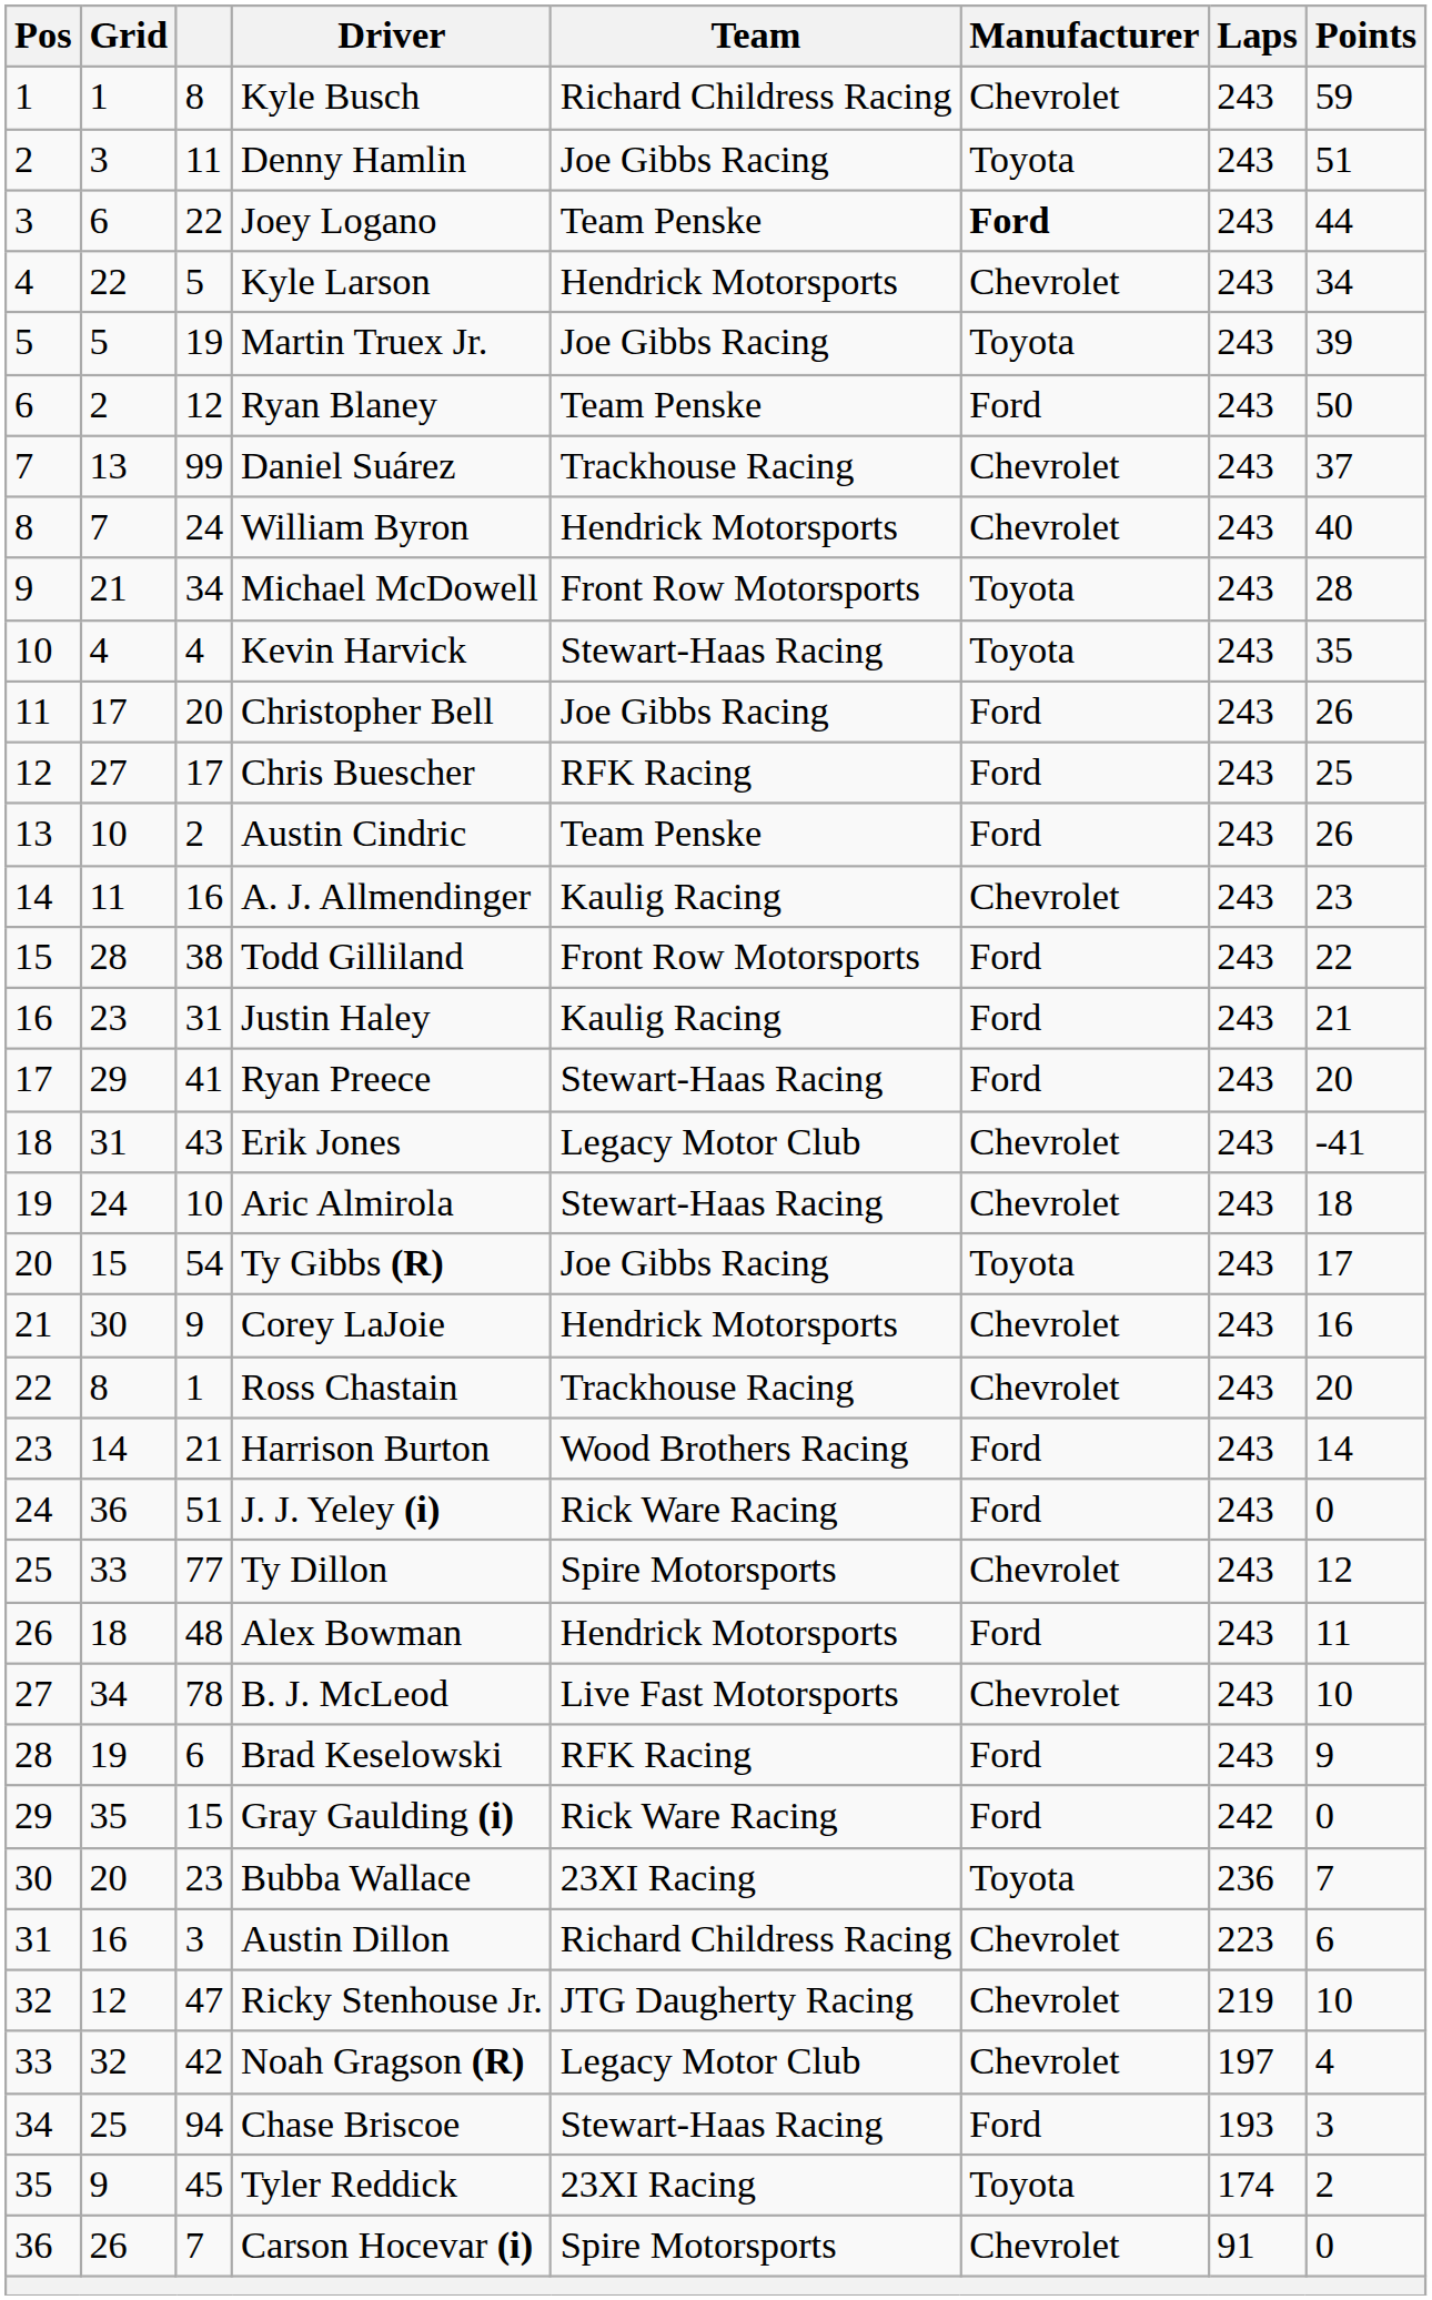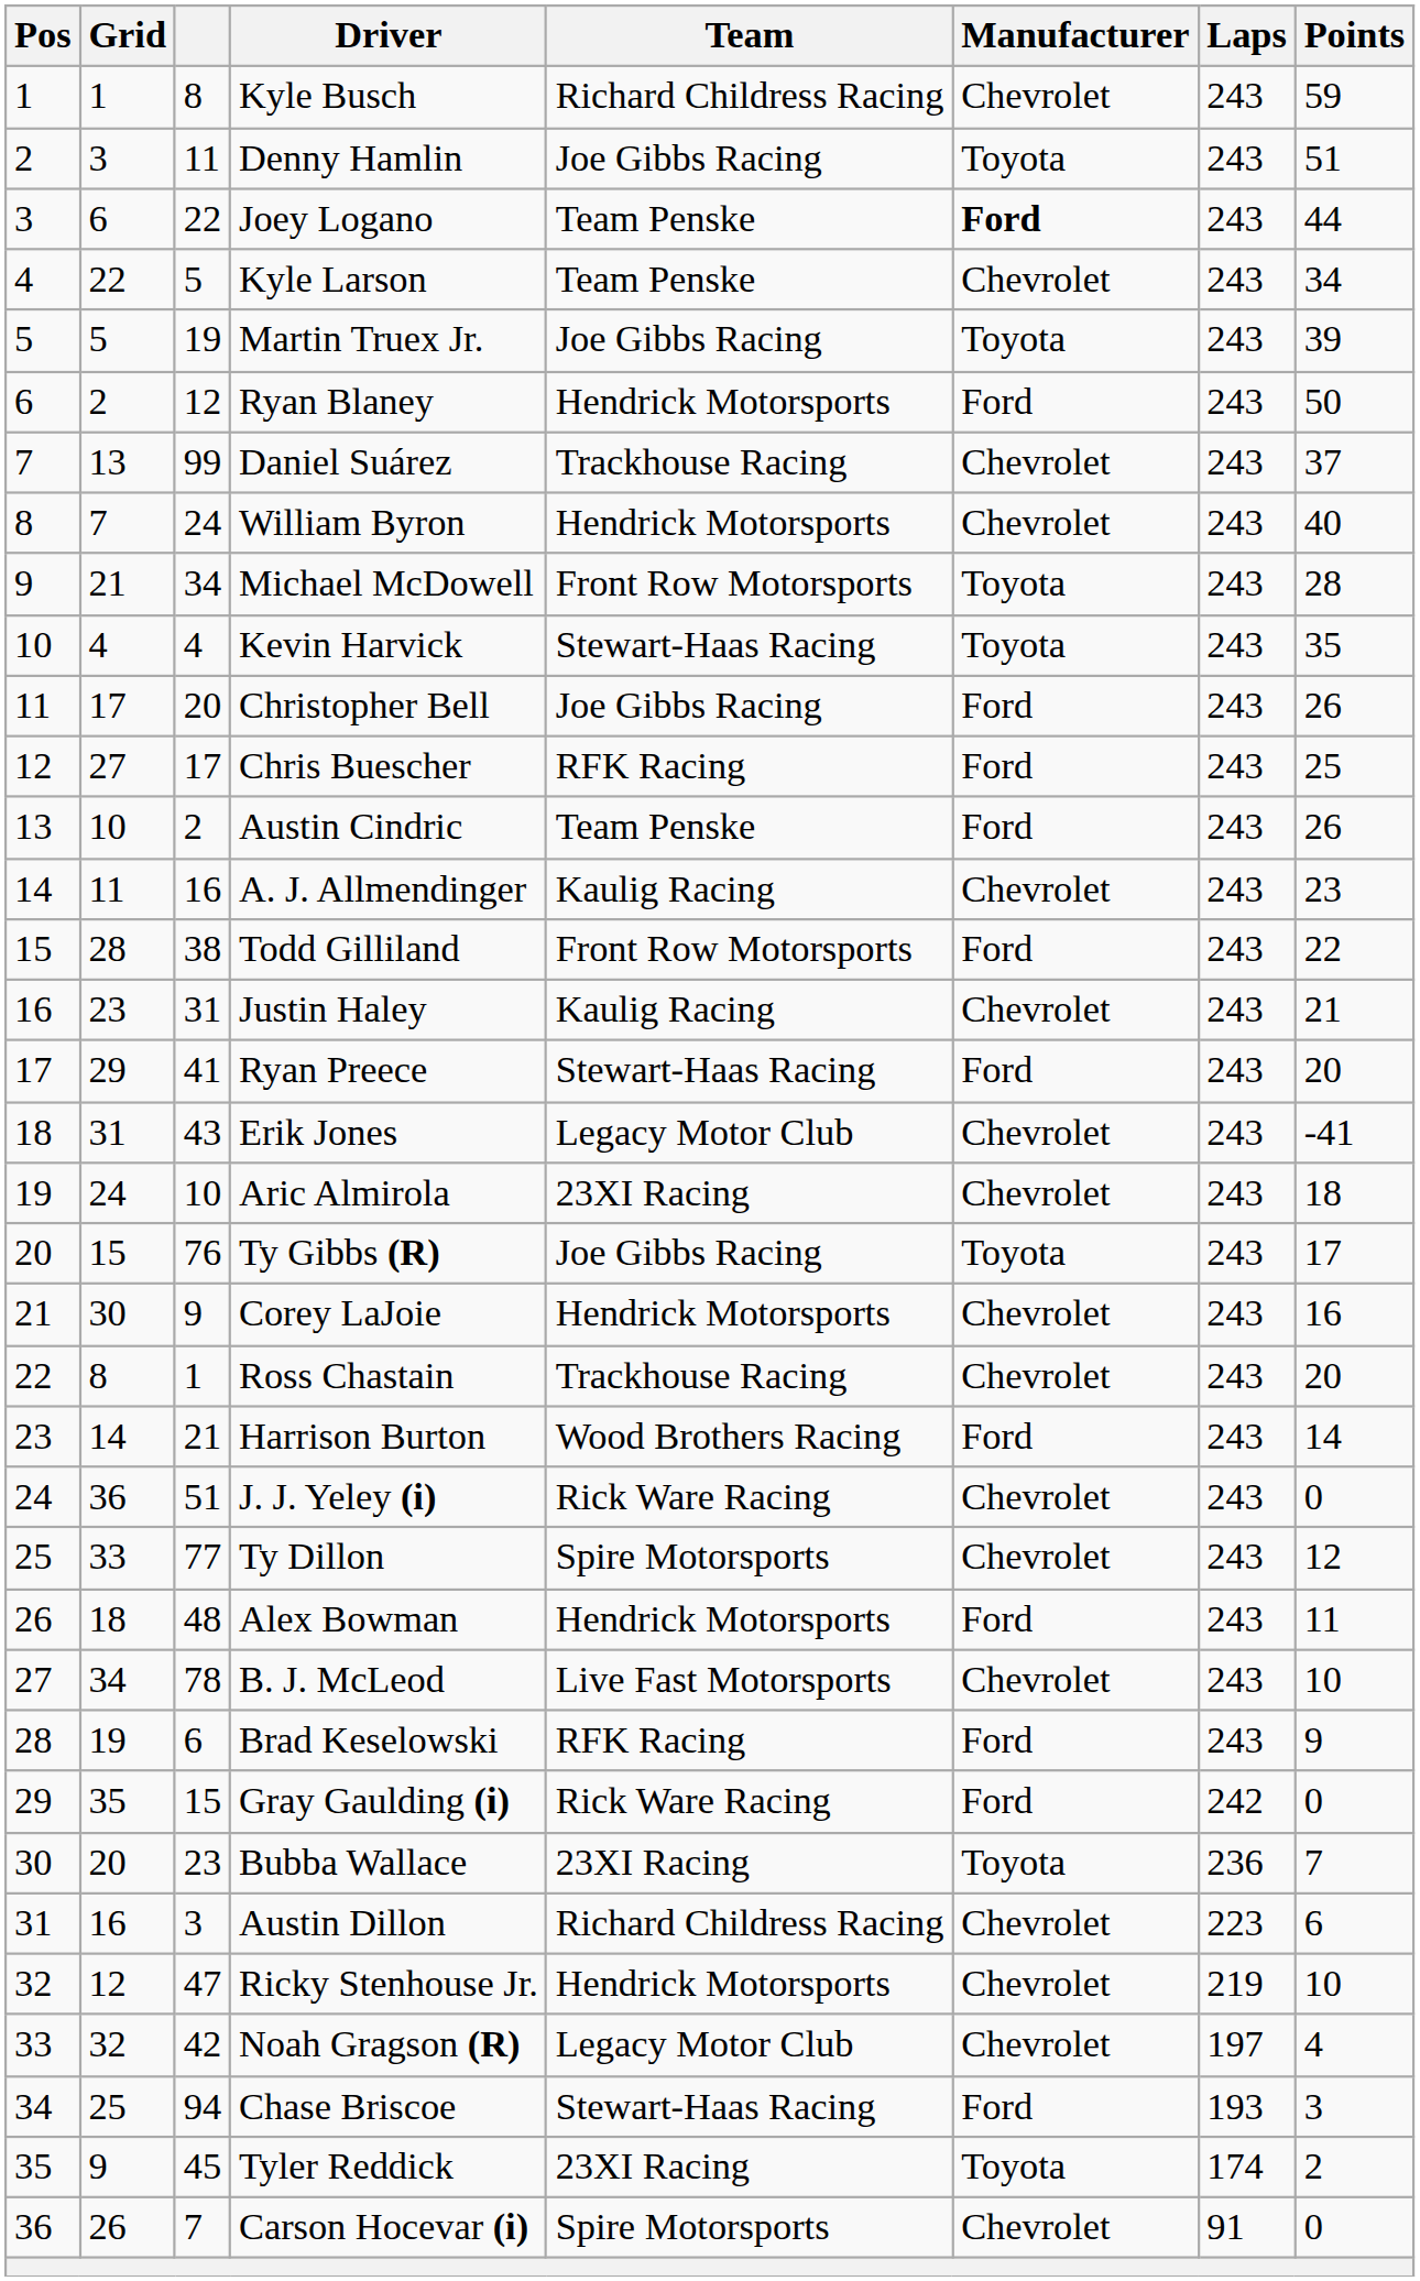 <table class="wikitable" style="font-size:98%">
 <tr>
 <th>Pos</th>
 <th>Grid</th>
 <th></th>
 <th>Driver</th>
 <th>Team</th>
 <th>Manufacturer</th>
 <th>Laps</th>
 <th>Points</th>
 </tr>
 <tr>
 <td>1</td>
 <td>1</td>
 <td>8</td>
 <td>Kyle Busch</td>
 <td>Richard Childress Racing</td>
 <td>Chevrolet</td>
 <td>243</td>
 <td>59</td>
 </tr>
 <tr>
 <td>2</td>
 <td>3</td>
 <td>11</td>
 <td>Denny Hamlin</td>
 <td>Joe Gibbs Racing</td>
 <td>Toyota</td>
 <td>243</td>
 <td>51</td>
 </tr>
 <tr>
 <td>3</td>
 <td>6</td>
 <td>22</td>
 <td>Joey Logano</td>
 <td>Team Penske</td>
 <td><strong>Ford</strong></td>
 <td>243</td>
 <td>44</td>
 </tr>
 <tr>
 <td>4</td>
 <td>22</td>
 <td>5</td>
 <td>Kyle Larson</td>
-<td>Hendrick Motorsports</td>
+<td>Team Penske</td>
 <td>Chevrolet</td>
 <td>243</td>
 <td>34</td>
 </tr>
 <tr>
 <td>5</td>
 <td>5</td>
 <td>19</td>
 <td>Martin Truex Jr.</td>
 <td>Joe Gibbs Racing</td>
 <td>Toyota</td>
 <td>243</td>
 <td>39</td>
 </tr>
 <tr>
 <td>6</td>
 <td>2</td>
 <td>12</td>
 <td>Ryan Blaney</td>
-<td>Team Penske</td>
+<td>Hendrick Motorsports</td>
 <td>Ford</td>
 <td>243</td>
 <td>50</td>
 </tr>
 <tr>
 <td>7</td>
 <td>13</td>
 <td>99</td>
 <td>Daniel Suárez</td>
 <td>Trackhouse Racing</td>
 <td>Chevrolet</td>
 <td>243</td>
 <td>37</td>
 </tr>
 <tr>
 <td>8</td>
 <td>7</td>
 <td>24</td>
 <td>William Byron</td>
 <td>Hendrick Motorsports</td>
 <td>Chevrolet</td>
 <td>243</td>
 <td>40</td>
 </tr>
 <tr>
 <td>9</td>
 <td>21</td>
 <td>34</td>
 <td>Michael McDowell</td>
 <td>Front Row Motorsports</td>
 <td>Toyota</td>
 <td>243</td>
 <td>28</td>
 </tr>
 <tr>
 <td>10</td>
 <td>4</td>
 <td>4</td>
 <td>Kevin Harvick</td>
 <td>Stewart-Haas Racing</td>
 <td>Toyota</td>
 <td>243</td>
 <td>35</td>
 </tr>
 <tr>
 <td>11</td>
 <td>17</td>
 <td>20</td>
 <td>Christopher Bell</td>
 <td>Joe Gibbs Racing</td>
 <td>Ford</td>
 <td>243</td>
 <td>26</td>
 </tr>
 <tr>
 <td>12</td>
 <td>27</td>
 <td>17</td>
 <td>Chris Buescher</td>
 <td>RFK Racing</td>
 <td>Ford</td>
 <td>243</td>
 <td>25</td>
 </tr>
 <tr>
 <td>13</td>
 <td>10</td>
 <td>2</td>
 <td>Austin Cindric</td>
 <td>Team Penske</td>
 <td>Ford</td>
 <td>243</td>
 <td>26</td>
 </tr>
 <tr>
 <td>14</td>
 <td>11</td>
 <td>16</td>
 <td>A. J. Allmendinger</td>
 <td>Kaulig Racing</td>
 <td>Chevrolet</td>
 <td>243</td>
 <td>23</td>
 </tr>
 <tr>
 <td>15</td>
 <td>28</td>
 <td>38</td>
 <td>Todd Gilliland</td>
 <td>Front Row Motorsports</td>
 <td>Ford</td>
 <td>243</td>
 <td>22</td>
 </tr>
 <tr>
 <td>16</td>
 <td>23</td>
 <td>31</td>
 <td>Justin Haley</td>
 <td>Kaulig Racing</td>
-<td>Ford</td>
+<td>Chevrolet</td>
 <td>243</td>
 <td>21</td>
 </tr>
 <tr>
 <td>17</td>
 <td>29</td>
 <td>41</td>
 <td>Ryan Preece</td>
 <td>Stewart-Haas Racing</td>
 <td>Ford</td>
 <td>243</td>
 <td>20</td>
 </tr>
 <tr>
 <td>18</td>
 <td>31</td>
 <td>43</td>
 <td>Erik Jones</td>
 <td>Legacy Motor Club</td>
 <td>Chevrolet</td>
 <td>243</td>
 <td>-41</td>
 </tr>
 <tr>
 <td>19</td>
 <td>24</td>
 <td>10</td>
 <td>Aric Almirola</td>
-<td>Stewart-Haas Racing</td>
+<td>23XI Racing</td>
 <td>Chevrolet</td>
 <td>243</td>
 <td>18</td>
 </tr>
 <tr>
 <td>20</td>
 <td>15</td>
-<td>54</td>
+<td>76</td>
 <td>Ty Gibbs <strong>(R)</strong></td>
 <td>Joe Gibbs Racing</td>
 <td>Toyota</td>
 <td>243</td>
 <td>17</td>
 </tr>
 <tr>
 <td>21</td>
 <td>30</td>
 <td>9</td>
 <td>Corey LaJoie</td>
 <td>Hendrick Motorsports</td>
 <td>Chevrolet</td>
 <td>243</td>
 <td>16</td>
 </tr>
 <tr>
 <td>22</td>
 <td>8</td>
 <td>1</td>
 <td>Ross Chastain</td>
 <td>Trackhouse Racing</td>
 <td>Chevrolet</td>
 <td>243</td>
 <td>20</td>
 </tr>
 <tr>
 <td>23</td>
 <td>14</td>
 <td>21</td>
 <td>Harrison Burton</td>
 <td>Wood Brothers Racing</td>
 <td>Ford</td>
 <td>243</td>
 <td>14</td>
 </tr>
 <tr>
 <td>24</td>
 <td>36</td>
 <td>51</td>
 <td>J. J. Yeley <strong>(i)</strong></td>
 <td>Rick Ware Racing</td>
-<td>Ford</td>
+<td>Chevrolet</td>
 <td>243</td>
 <td>0</td>
 </tr>
 <tr>
 <td>25</td>
 <td>33</td>
 <td>77</td>
 <td>Ty Dillon</td>
 <td>Spire Motorsports</td>
 <td>Chevrolet</td>
 <td>243</td>
 <td>12</td>
 </tr>
 <tr>
 <td>26</td>
 <td>18</td>
 <td>48</td>
 <td>Alex Bowman</td>
 <td>Hendrick Motorsports</td>
 <td>Ford</td>
 <td>243</td>
 <td>11</td>
 </tr>
 <tr>
 <td>27</td>
 <td>34</td>
 <td>78</td>
 <td>B. J. McLeod</td>
 <td>Live Fast Motorsports</td>
 <td>Chevrolet</td>
 <td>243</td>
 <td>10</td>
 </tr>
 <tr>
 <td>28</td>
 <td>19</td>
 <td>6</td>
 <td>Brad Keselowski</td>
 <td>RFK Racing</td>
 <td>Ford</td>
 <td>243</td>
 <td>9</td>
 </tr>
 <tr>
 <td>29</td>
 <td>35</td>
 <td>15</td>
 <td>Gray Gaulding <strong>(i)</strong></td>
 <td>Rick Ware Racing</td>
 <td>Ford</td>
 <td>242</td>
 <td>0</td>
 </tr>
 <tr>
 <td>30</td>
 <td>20</td>
 <td>23</td>
 <td>Bubba Wallace</td>
 <td>23XI Racing</td>
 <td>Toyota</td>
 <td>236</td>
 <td>7</td>
 </tr>
 <tr>
 <td>31</td>
 <td>16</td>
 <td>3</td>
 <td>Austin Dillon</td>
 <td>Richard Childress Racing</td>
 <td>Chevrolet</td>
 <td>223</td>
 <td>6</td>
 </tr>
 <tr>
 <td>32</td>
 <td>12</td>
 <td>47</td>
 <td>Ricky Stenhouse Jr.</td>
-<td>JTG Daugherty Racing</td>
+<td>Hendrick Motorsports</td>
 <td>Chevrolet</td>
 <td>219</td>
 <td>10</td>
 </tr>
 <tr>
 <td>33</td>
 <td>32</td>
 <td>42</td>
 <td>Noah Gragson <strong>(R)</strong></td>
 <td>Legacy Motor Club</td>
 <td>Chevrolet</td>
 <td>197</td>
 <td>4</td>
 </tr>
 <tr>
 <td>34</td>
 <td>25</td>
 <td>94</td>
 <td>Chase Briscoe</td>
 <td>Stewart-Haas Racing</td>
 <td>Ford</td>
 <td>193</td>
 <td>3</td>
 </tr>
 <tr>
 <td>35</td>
 <td>9</td>
 <td>45</td>
 <td>Tyler Reddick</td>
 <td>23XI Racing</td>
 <td>Toyota</td>
 <td>174</td>
 <td>2</td>
 </tr>
 <tr>
 <td>36</td>
 <td>26</td>
 <td>7</td>
 <td>Carson Hocevar <strong>(i)</strong></td>
 <td>Spire Motorsports</td>
 <td>Chevrolet</td>
 <td>91</td>
 <td>0</td>
 </tr>
 <tr>
 <th colspan="8"></th>
 </tr>
 </table>
